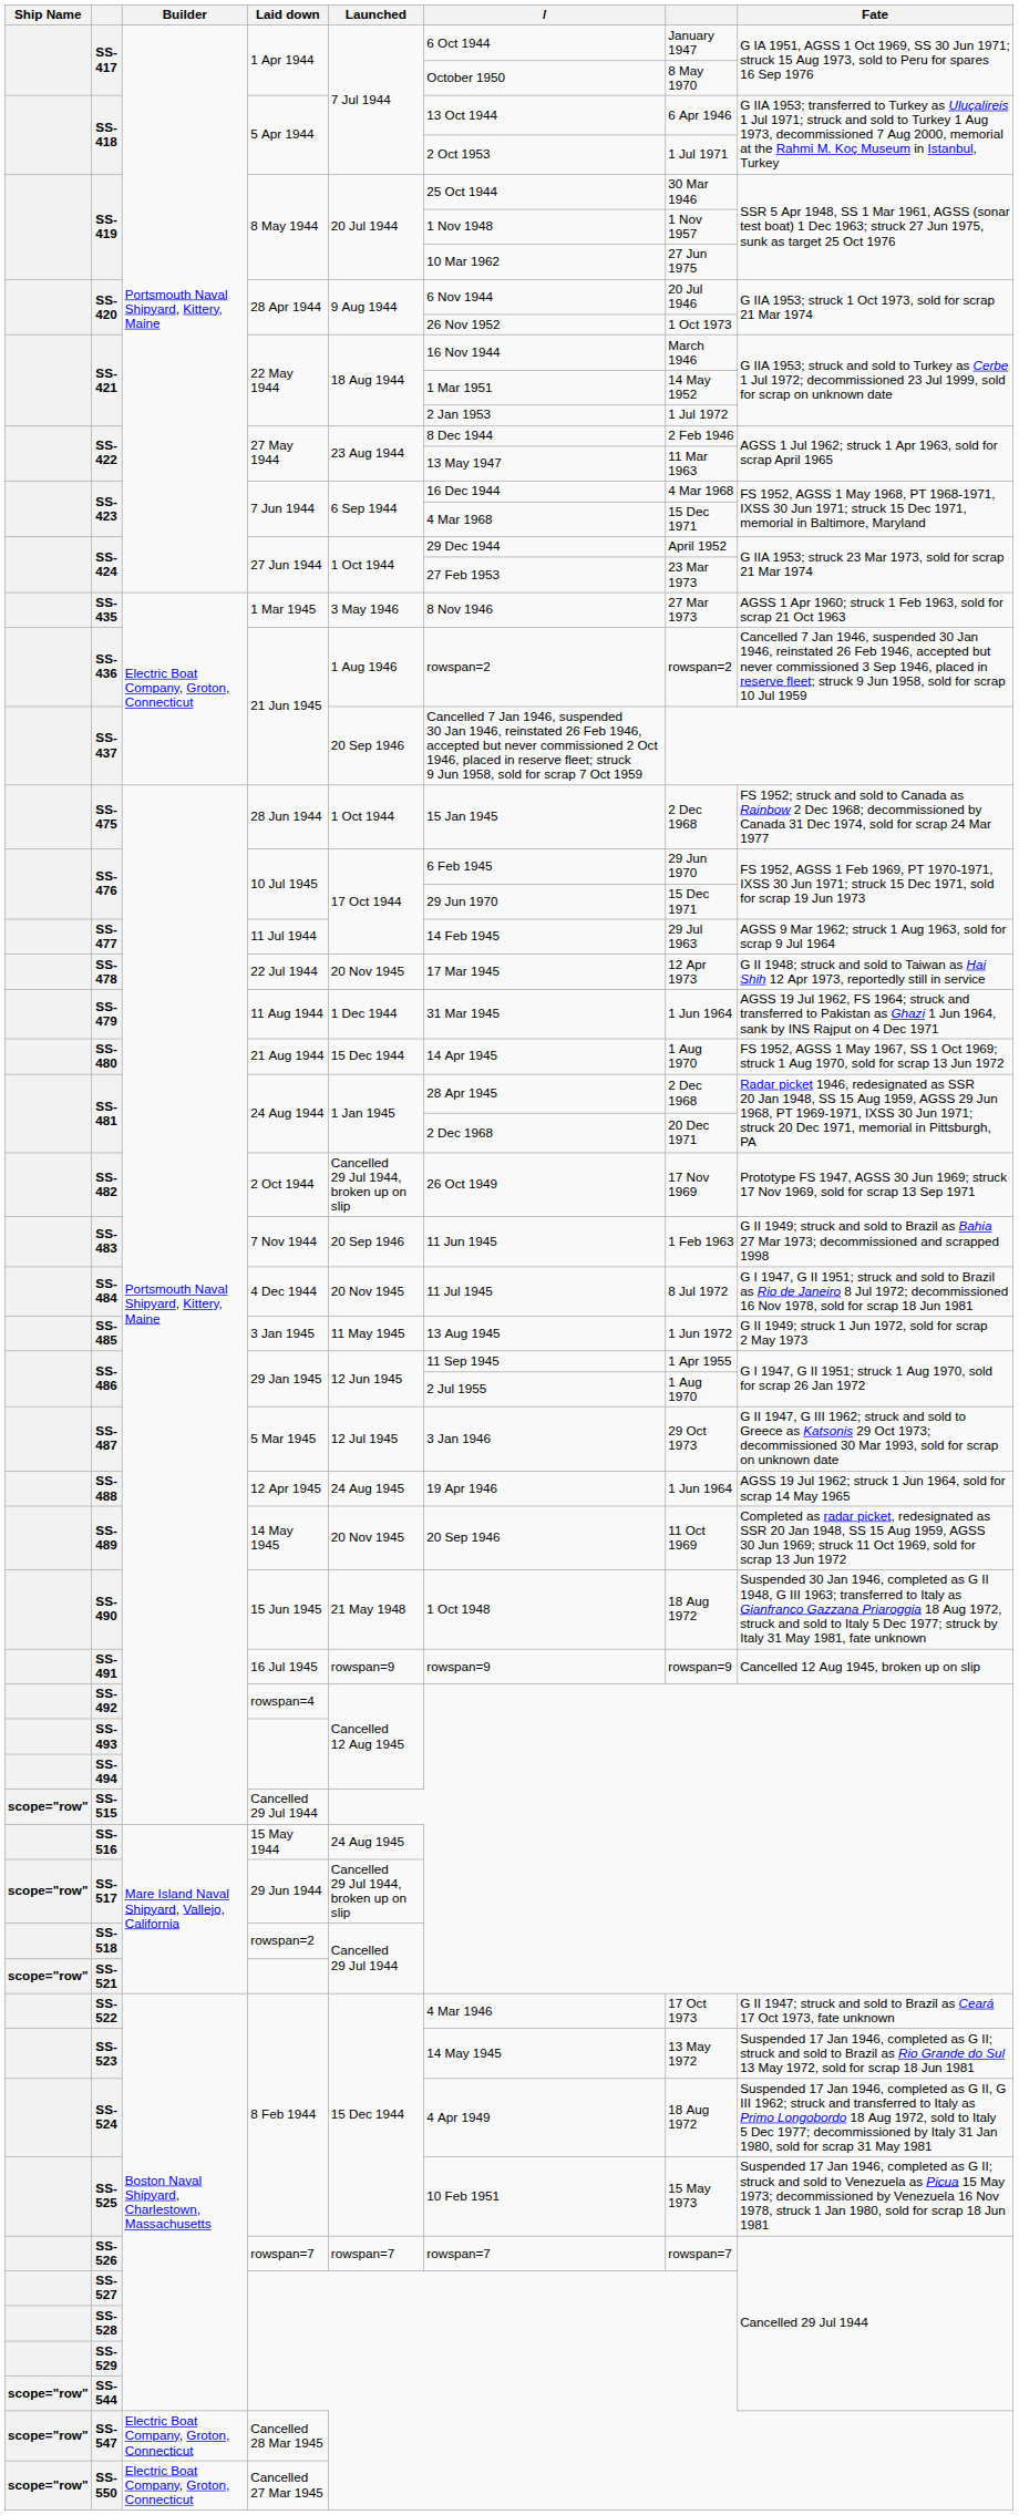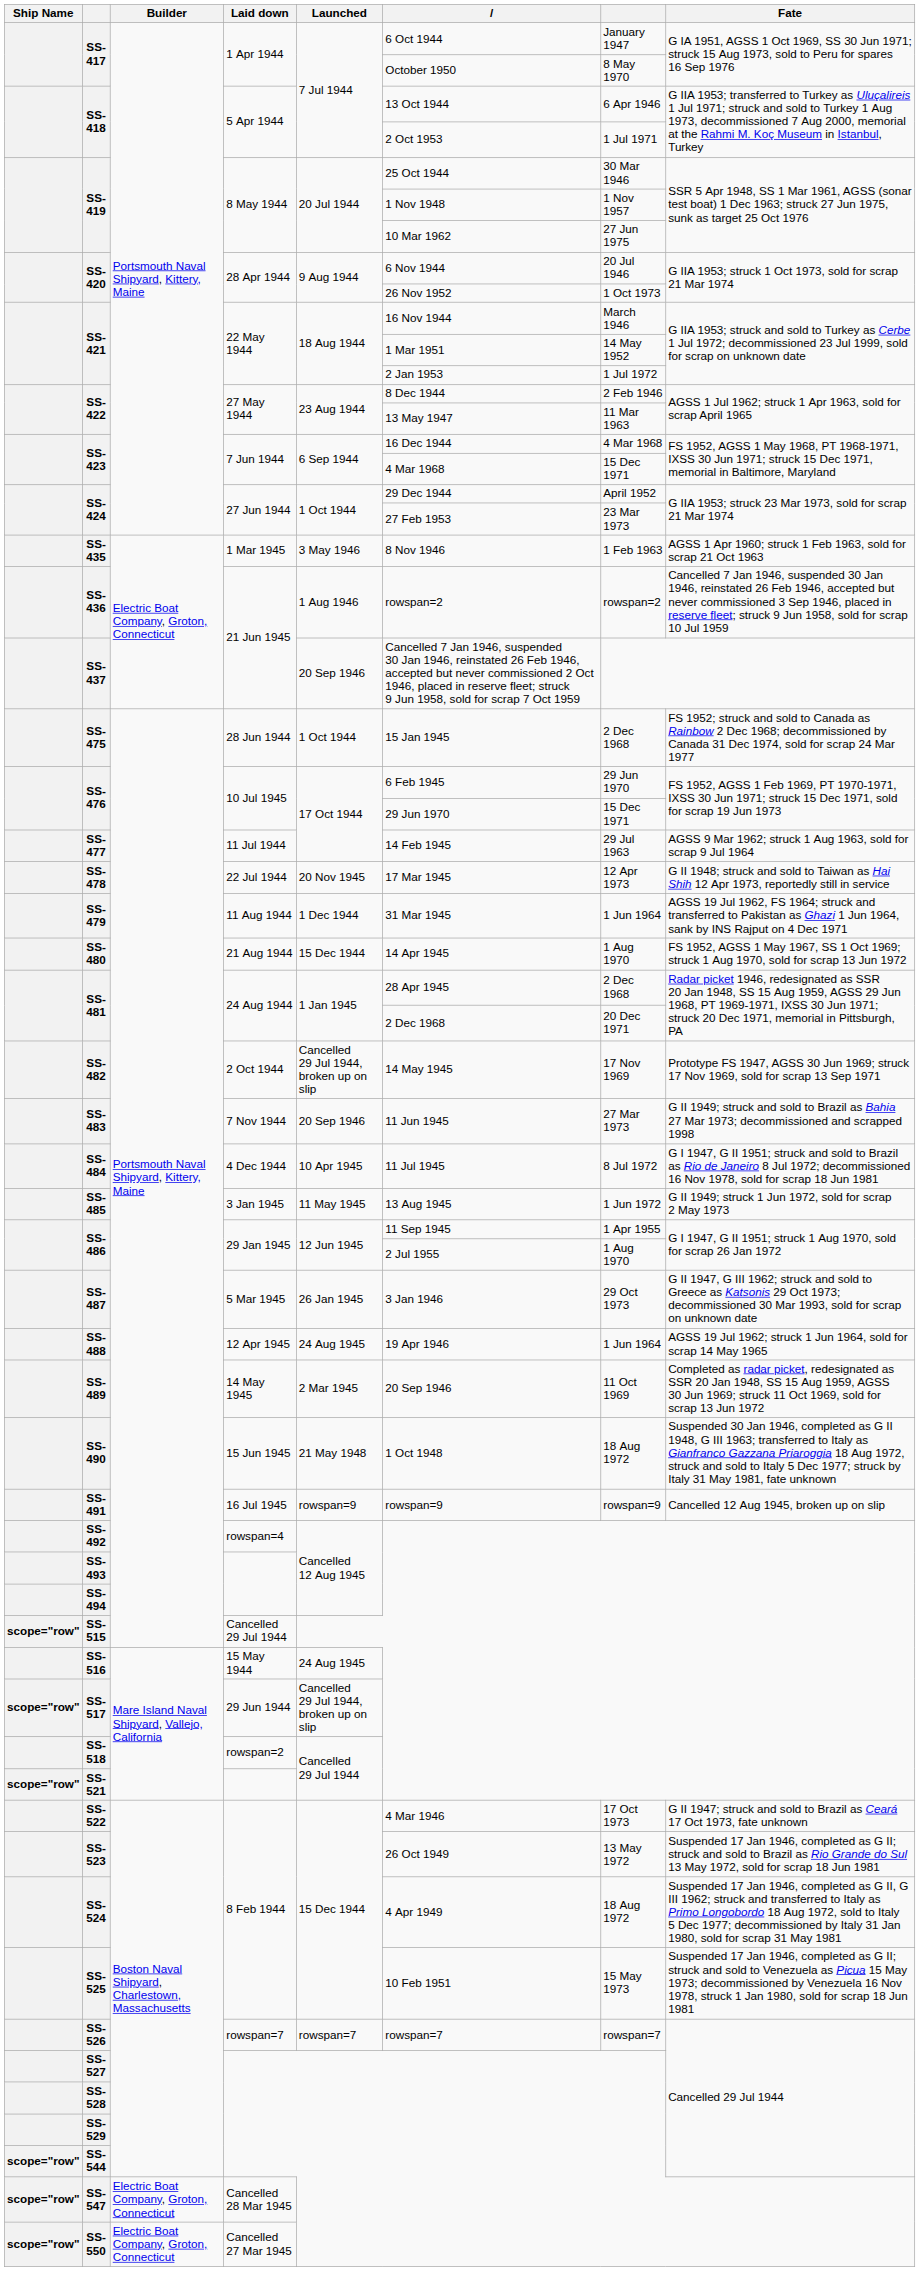 <table class="sortable wikitable plainrowheaders">
 <tr>
 <th scope="col">Ship Name</th>
 <th scope="col"></th>
 <th scope="col">Builder</th>
 <th scope="col">Laid down</th>
 <th scope="col">Launched</th>
 <th scope="col">/</th>
 <th scope="col"></th>
 <th scope="col">Fate</th>
 </tr>
 <tr>
 <th scope="row" rowspan=2></th>
 <th scope="row" rowspan=2>SS-417</th>
 <td rowspan=18><a href='#'>Portsmouth Naval Shipyard</a>, <a href='#'>Kittery, Maine</a></td>
 <td rowspan=2>1 Apr 1944</td>
 <td rowspan=4>7 Jul 1944</td>
 <td>6 Oct 1944</td>
 <td>January 1947</td>
 <td rowspan=2>G IA 1951, AGSS 1 Oct 1969, SS 30 Jun 1971; struck 15 Aug 1973, sold to Peru for spares 16 Sep 1976</td>
 </tr>
 <tr>
 <td>October 1950</td>
 <td>8 May 1970</td>
 </tr>
 <tr>
 <th scope="row" rowspan=2></th>
 <th scope="row" rowspan=2>SS-418</th>
 <td rowspan=2>5 Apr 1944</td>
 <td>13 Oct 1944</td>
 <td>6 Apr 1946</td>
 <td rowspan=2>G IIA 1953; transferred to Turkey as <a href='#'><em>Uluçalireis</em></a> 1 Jul 1971; struck and sold to Turkey 1 Aug 1973, decommissioned 7 Aug 2000, memorial at the <a href='#'>Rahmi M. Koç Museum</a> in <a href='#'>Istanbul</a>, Turkey</td>
 </tr>
 <tr>
 <td>2 Oct 1953</td>
 <td>1 Jul 1971</td>
 </tr>
 <tr>
 <th scope="row" rowspan=3></th>
 <th scope="row" rowspan=3>SS-419</th>
 <td rowspan=3>8 May 1944</td>
 <td rowspan=3>20 Jul 1944</td>
 <td>25 Oct 1944</td>
 <td>30 Mar 1946</td>
 <td rowspan=3>SSR 5 Apr 1948, SS 1 Mar 1961, AGSS (sonar test boat) 1 Dec 1963; struck 27 Jun 1975, sunk as target 25 Oct 1976</td>
 </tr>
 <tr>
 <td>1 Nov 1948</td>
 <td>1 Nov 1957</td>
 </tr>
 <tr>
 <td>10 Mar 1962</td>
 <td>27 Jun 1975</td>
 </tr>
 <tr>
 <th scope="row" rowspan=2></th>
 <th scope="row" rowspan=2>SS-420</th>
 <td rowspan=2>28 Apr 1944</td>
 <td rowspan=2>9 Aug 1944</td>
 <td>6 Nov 1944</td>
 <td>20 Jul 1946</td>
 <td rowspan=2>G IIA 1953; struck 1 Oct 1973, sold for scrap 21 Mar 1974</td>
 </tr>
 <tr>
 <td>26 Nov 1952</td>
 <td>1 Oct 1973</td>
 </tr>
 <tr>
 <th scope="row" rowspan=3></th>
 <th scope="row" rowspan=3>SS-421</th>
 <td rowspan=3>22 May 1944</td>
 <td rowspan=3>18 Aug 1944</td>
 <td>16 Nov 1944</td>
 <td>March 1946</td>
 <td rowspan=3>G IIA 1953; struck and sold to Turkey as <a href='#'><em>Cerbe</em></a> 1 Jul 1972; decommissioned 23 Jul 1999, sold for scrap on unknown date</td>
 </tr>
 <tr>
 <td>1 Mar 1951</td>
 <td>14 May 1952</td>
 </tr>
 <tr>
 <td>2 Jan 1953</td>
 <td>1 Jul 1972</td>
 </tr>
 <tr>
 <th scope="row" rowspan=2></th>
 <th scope="row" rowspan=2>SS-422</th>
 <td rowspan=2>27 May 1944</td>
 <td rowspan=2>23 Aug 1944</td>
 <td>8 Dec 1944</td>
 <td>2 Feb 1946</td>
 <td rowspan=2>AGSS 1 Jul 1962; struck 1 Apr 1963, sold for scrap April 1965</td>
 </tr>
 <tr>
 <td>13 May 1947</td>
 <td>11 Mar 1963</td>
 </tr>
 <tr>
 <th scope="row" rowspan=2></th>
 <th scope="row" rowspan=2>SS-423</th>
 <td rowspan=2>7 Jun 1944</td>
 <td rowspan=2>6 Sep 1944</td>
 <td>16 Dec 1944</td>
 <td>4 Mar 1968</td>
 <td rowspan=2>FS 1952, AGSS 1 May 1968, PT 1968-1971, IXSS 30 Jun 1971; struck 15 Dec 1971, memorial in Baltimore, Maryland</td>
 </tr>
 <tr>
 <td>4 Mar 1968</td>
 <td>15 Dec 1971</td>
 </tr>
 <tr>
 <th scope="row" rowspan=2></th>
 <th scope="row" rowspan=2>SS-424</th>
 <td rowspan=2>27 Jun 1944</td>
 <td rowspan=2>1 Oct 1944</td>
 <td>29 Dec 1944</td>
 <td>April 1952</td>
 <td rowspan=2>G IIA 1953; struck 23 Mar 1973, sold for scrap 21 Mar 1974</td>
 </tr>
 <tr>
 <td>27 Feb 1953</td>
 <td>23 Mar 1973</td>
 </tr>
 <tr>
 <th scope="row"></th>
 <th scope="row">SS-435</th>
 <td rowspan=3><a href='#'>Electric Boat Company</a>, <a href='#'>Groton, Connecticut</a></td>
 <td>1 Mar 1945</td>
 <td>3 May 1946</td>
 <td>8 Nov 1946</td>
-<td>27 Mar 1973</td>
+<td>1 Feb 1963</td>
 <td>AGSS 1 Apr 1960; struck 1 Feb 1963, sold for scrap 21 Oct 1963</td>
 </tr>
 <tr>
 <th scope="row"></th>
 <th scope="row">SS-436</th>
 <td rowspan=2>21 Jun 1945</td>
 <td>1 Aug 1946</td>
 <td>rowspan=2 </td>
 <td>rowspan=2 </td>
 <td>Cancelled 7 Jan 1946, suspended 30 Jan 1946, reinstated 26 Feb 1946, accepted but never commissioned 3 Sep 1946, placed in <a href='#'>reserve fleet</a>; struck 9 Jun 1958, sold for scrap 10 Jul 1959</td>
 </tr>
 <tr>
 <th scope="row"></th>
 <th scope="row">SS-437</th>
 <td>20 Sep 1946</td>
 <td>Cancelled 7 Jan 1946, suspended 30 Jan 1946, reinstated 26 Feb 1946, accepted but never commissioned 2 Oct 1946, placed in reserve fleet; struck 9 Jun 1958, sold for scrap 7 Oct 1959</td>
 </tr>
 <tr>
 <th scope="row"></th>
 <th scope="row">SS-475</th>
 <td rowspan=24><a href='#'>Portsmouth Naval Shipyard</a>, <a href='#'>Kittery, Maine</a></td>
 <td>28 Jun 1944</td>
 <td>1 Oct 1944</td>
 <td>15 Jan 1945</td>
 <td>2 Dec 1968</td>
 <td>FS 1952; struck and sold to Canada as <a href='#'><em>Rainbow</em></a> 2 Dec 1968; decommissioned by Canada 31 Dec 1974, sold for scrap 24 Mar 1977</td>
 </tr>
 <tr>
 <th scope="row" rowspan=2></th>
 <th scope="row" rowspan=2>SS-476</th>
 <td rowspan=2>10 Jul 1945</td>
 <td rowspan=3>17 Oct 1944</td>
 <td>6 Feb 1945</td>
 <td>29 Jun 1970</td>
 <td rowspan=2>FS 1952, AGSS 1 Feb 1969, PT 1970-1971, IXSS 30 Jun 1971; struck 15 Dec 1971, sold for scrap 19 Jun 1973</td>
 </tr>
 <tr>
 <td>29 Jun 1970</td>
 <td>15 Dec 1971</td>
 </tr>
 <tr>
 <th scope="row"></th>
 <th scope="row">SS-477</th>
 <td>11 Jul 1944</td>
 <td>14 Feb 1945</td>
 <td>29 Jul 1963</td>
 <td>AGSS 9 Mar 1962; struck 1 Aug 1963, sold for scrap 9 Jul 1964</td>
 </tr>
 <tr>
 <th scope="row"></th>
 <th scope="row">SS-478</th>
 <td>22 Jul 1944</td>
 <td>20 Nov 1945</td>
 <td>17 Mar 1945</td>
 <td>12 Apr 1973</td>
 <td>G II 1948; struck and sold to Taiwan as <a href='#'><em>Hai Shih</em></a> 12 Apr 1973, reportedly still in service</td>
 </tr>
 <tr>
 <th scope="row"></th>
 <th scope="row">SS-479</th>
 <td>11 Aug 1944</td>
 <td>1 Dec 1944</td>
 <td>31 Mar 1945</td>
 <td>1 Jun 1964</td>
 <td>AGSS 19 Jul 1962, FS 1964; struck and transferred to Pakistan as <a href='#'><em>Ghazi</em></a> 1 Jun 1964, sank by INS Rajput on 4 Dec 1971</td>
 </tr>
 <tr>
 <th scope="row"></th>
 <th scope="row">SS-480</th>
 <td>21 Aug 1944</td>
 <td>15 Dec 1944</td>
 <td>14 Apr 1945</td>
 <td>1 Aug 1970</td>
 <td>FS 1952, AGSS 1 May 1967, SS 1 Oct 1969; struck 1 Aug 1970, sold for scrap 13 Jun 1972</td>
 </tr>
 <tr>
 <th scope="row" rowspan=2></th>
 <th scope="row" rowspan=2>SS-481</th>
 <td rowspan=2>24 Aug 1944</td>
 <td rowspan=2>1 Jan 1945</td>
 <td>28 Apr 1945</td>
 <td>2 Dec 1968</td>
 <td rowspan=2><a href='#'>Radar picket</a> 1946, redesignated as SSR 20 Jan 1948, SS 15 Aug 1959, AGSS 29 Jun 1968, PT 1969-1971, IXSS 30 Jun 1971; struck 20 Dec 1971, memorial in Pittsburgh, PA</td>
 </tr>
 <tr>
 <td>2 Dec 1968</td>
 <td>20 Dec 1971</td>
 </tr>
 <tr>
 <th scope="row"></th>
 <th scope="row">SS-482</th>
 <td>2 Oct 1944</td>
 <td>Cancelled 29 Jul 1944, broken up on slip</td>
-<td>26 Oct 1949</td>
+<td>14 May 1945</td>
 <td>17 Nov 1969</td>
 <td>Prototype FS 1947, AGSS 30 Jun 1969; struck 17 Nov 1969, sold for scrap 13 Sep 1971</td>
 </tr>
 <tr>
 <th scope="row"></th>
 <th scope="row">SS-483</th>
 <td>7 Nov 1944</td>
 <td>20 Sep 1946</td>
 <td>11 Jun 1945</td>
-<td>1 Feb 1963</td>
+<td>27 Mar 1973</td>
 <td>G II 1949; struck and sold to Brazil as <a href='#'><em>Bahia</em></a> 27 Mar 1973; decommissioned and scrapped 1998</td>
 </tr>
 <tr>
 <th scope="row"></th>
 <th scope="row">SS-484</th>
 <td>4 Dec 1944</td>
-<td>20 Nov 1945</td>
+<td>10 Apr 1945</td>
 <td>11 Jul 1945</td>
 <td>8 Jul 1972</td>
 <td>G I 1947, G II 1951; struck and sold to Brazil as <a href='#'><em>Rio de Janeiro</em></a> 8 Jul 1972; decommissioned 16 Nov 1978, sold for scrap 18 Jun 1981</td>
 </tr>
 <tr>
 <th scope="row"></th>
 <th scope="row">SS-485</th>
 <td>3 Jan 1945</td>
 <td>11 May 1945</td>
 <td>13 Aug 1945</td>
 <td>1 Jun 1972</td>
 <td>G II 1949; struck 1 Jun 1972, sold for scrap 2 May 1973</td>
 </tr>
 <tr>
 <th scope="row" rowspan=2></th>
 <th scope="row" rowspan=2>SS-486</th>
 <td rowspan=2>29 Jan 1945</td>
 <td rowspan=2>12 Jun 1945</td>
 <td>11 Sep 1945</td>
 <td>1 Apr 1955</td>
 <td rowspan=2>G I 1947, G II 1951; struck 1 Aug 1970, sold for scrap 26 Jan 1972</td>
 </tr>
 <tr>
 <td>2 Jul 1955</td>
 <td>1 Aug 1970</td>
 </tr>
 <tr>
 <th scope="row"></th>
 <th scope="row">SS-487</th>
 <td>5 Mar 1945</td>
-<td>12 Jul 1945</td>
+<td>26 Jan 1945</td>
 <td>3 Jan 1946</td>
 <td>29 Oct 1973</td>
 <td>G II 1947, G III 1962; struck and sold to Greece as <a href='#'><em>Katsonis</em></a> 29 Oct 1973; decommissioned 30 Mar 1993, sold for scrap on unknown date</td>
 </tr>
 <tr>
 <th scope="row"></th>
 <th scope="row">SS-488</th>
 <td>12 Apr 1945</td>
 <td>24 Aug 1945</td>
 <td>19 Apr 1946</td>
 <td>1 Jun 1964</td>
 <td>AGSS 19 Jul 1962; struck 1 Jun 1964, sold for scrap 14 May 1965</td>
 </tr>
 <tr>
 <th scope="row"></th>
 <th scope="row">SS-489</th>
 <td>14 May 1945</td>
-<td>20 Nov 1945</td>
+<td>2 Mar 1945</td>
 <td>20 Sep 1946</td>
 <td>11 Oct 1969</td>
 <td>Completed as <a href='#'>radar picket</a>, redesignated as SSR 20 Jan 1948, SS 15 Aug 1959, AGSS 30 Jun 1969; struck 11 Oct 1969, sold for scrap 13 Jun 1972</td>
 </tr>
 <tr>
 <th scope="row"></th>
 <th scope="row">SS-490</th>
 <td>15 Jun 1945</td>
 <td>21 May 1948</td>
 <td>1 Oct 1948</td>
 <td>18 Aug 1972</td>
 <td>Suspended 30 Jan 1946, completed as G II 1948, G III 1963; transferred to Italy as <a href='#'><em>Gianfranco Gazzana Priaroggia</em></a> 18 Aug 1972, struck and sold to Italy 5 Dec 1977; struck by Italy 31 May 1981, fate unknown</td>
 </tr>
 <tr>
 <th scope="row"></th>
 <th scope="row">SS-491</th>
 <td>16 Jul 1945</td>
 <td>rowspan=9 </td>
 <td>rowspan=9 </td>
 <td>rowspan=9 </td>
 <td>Cancelled 12 Aug 1945, broken up on slip</td>
 </tr>
 <tr>
 <th scope="row"></th>
 <th scope="row">SS-492</th>
 <td>rowspan=4 </td>
 <td rowspan=3>Cancelled 12 Aug 1945</td>
 </tr>
 <tr>
 <th scope="row"></th>
 <th scope="row">SS-493</th>
 </tr>
 <tr>
 <th scope="row"></th>
 <th scope="row">SS-494</th>
 </tr>
 <tr>
 <th>scope="row" </th>
 <th scope="row">SS-515</th>
 <td>Cancelled 29 Jul 1944</td>
 </tr>
 <tr>
 <th scope="row"></th>
 <th scope="row">SS-516</th>
 <td rowspan=4><a href='#'>Mare Island Naval Shipyard</a>, <a href='#'>Vallejo, California</a></td>
 <td>15 May 1944</td>
 <td>24 Aug 1945</td>
 </tr>
 <tr>
 <th>scope="row" </th>
 <th scope="row">SS-517</th>
 <td>29 Jun 1944</td>
 <td>Cancelled 29 Jul 1944, broken up on slip</td>
 </tr>
 <tr>
 <th scope="row"></th>
 <th scope="row">SS-518</th>
 <td>rowspan=2 </td>
 <td rowspan=2>Cancelled 29 Jul 1944</td>
 </tr>
 <tr>
 <th>scope="row" </th>
 <th scope="row">SS-521</th>
 </tr>
 <tr>
 <th scope="row"></th>
 <th scope="row">SS-522</th>
 <td rowspan=9><a href='#'>Boston Naval Shipyard</a>, <a href='#'>Charlestown, Massachusetts</a></td>
 <td rowspan=4>8 Feb 1944</td>
 <td rowspan=4>15 Dec 1944</td>
 <td>4 Mar 1946</td>
 <td>17 Oct 1973</td>
 <td>G II 1947; struck and sold to Brazil as <a href='#'><em>Ceará</em></a> 17 Oct 1973, fate unknown</td>
 </tr>
 <tr>
 <th scope="row"></th>
 <th scope="row">SS-523</th>
-<td>14 May 1945</td>
+<td>26 Oct 1949</td>
 <td>13 May 1972</td>
 <td>Suspended 17 Jan 1946, completed as G II; struck and sold to Brazil as <a href='#'><em>Rio Grande do Sul</em></a> 13 May 1972, sold for scrap 18 Jun 1981</td>
 </tr>
 <tr>
 <th scope="row"></th>
 <th scope="row">SS-524</th>
 <td>4 Apr 1949</td>
 <td>18 Aug 1972</td>
 <td>Suspended 17 Jan 1946, completed as G II, G III 1962; struck and transferred to Italy as <a href='#'><em>Primo Longobordo</em></a> 18 Aug 1972, sold to Italy 5 Dec 1977; decommissioned by Italy 31 Jan 1980, sold for scrap 31 May 1981</td>
 </tr>
 <tr>
 <th scope="row"></th>
 <th scope="row">SS-525</th>
 <td>10 Feb 1951</td>
 <td>15 May 1973</td>
 <td>Suspended 17 Jan 1946, completed as G II; struck and sold to Venezuela as <a href='#'><em>Picua</em></a> 15 May 1973; decommissioned by Venezuela 16 Nov 1978, struck 1 Jan 1980, sold for scrap 18 Jun 1981</td>
 </tr>
 <tr>
 <th scope="row"></th>
 <th scope="row">SS-526</th>
 <td>rowspan=7 </td>
 <td>rowspan=7 </td>
 <td>rowspan=7 </td>
 <td>rowspan=7 </td>
 <td rowspan=5>Cancelled 29 Jul 1944</td>
 </tr>
 <tr>
 <th scope="row"></th>
 <th scope="row">SS-527</th>
 </tr>
 <tr>
 <th scope="row"></th>
 <th scope="row">SS-528</th>
 </tr>
 <tr>
 <th scope="row"></th>
 <th scope="row">SS-529</th>
 </tr>
 <tr>
 <th>scope="row" </th>
 <th scope="row">SS-544</th>
 </tr>
 <tr>
 <th>scope="row" </th>
 <th scope="row">SS-547</th>
 <td><a href='#'>Electric Boat Company</a>, <a href='#'>Groton, Connecticut</a></td>
 <td>Cancelled 28 Mar 1945</td>
 </tr>
 <tr>
 <th>scope="row" </th>
 <th scope="row">SS-550</th>
 <td><a href='#'>Electric Boat Company</a>, <a href='#'>Groton, Connecticut</a></td>
 <td>Cancelled 27 Mar 1945</td>
 </tr>
 </table>
